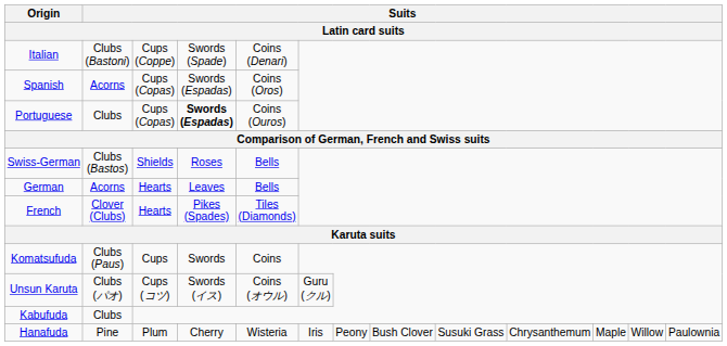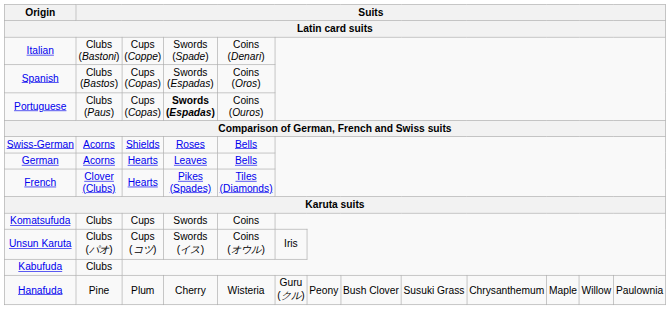 <table class="wikitable"  style="text-align:center; float:left;">
 <tr>
 <th>Origin</th>
 <th colspan="12">Suits</th>
 </tr>
 <tr>
 <th colspan="13">Latin card suits</th>
 </tr>
 <tr>
 <td scope="row"><a href='#'>Italian</a></td>
 <td>Clubs<br>(<em>Bastoni</em>)<br> </td>
 <td>Cups<br>(<em>Coppe</em>)<br> </td>
 <td>Swords<br>(<em>Spade</em>)<br> </td>
 <td>Coins<br>(<em>Denari</em>)<br> </td>
 </tr>
 <tr>
 <td scope="row"><a href='#'>Spanish</a></td>
-<td><a href='#'>Acorns</a><br> </td>
+<td>Clubs<br>(<em>Bastos</em>)<br> </td>
 <td>Cups<br>(<em>Copas</em>)<br> </td>
 <td>Swords<br>(<em>Espadas</em>)<br> </td>
 <td>Coins<br>(<em>Oros</em>)<br> </td>
 </tr>
 <tr>
 <td scope="row"><a href='#'>Portuguese</a></td>
-<td>Clubs<br></td>
+<td>Clubs<br>(<em>Paus</em>)<br> </td>
 <td>Cups<br>(<em>Copas</em>)<br> </td>
 <td><strong>Swords<br>(<em>Espadas</em>)<br> </strong></td>
 <td>Coins<br>(<em>Ouros</em>)<br> </td>
 </tr>
 <tr>
 <th colspan="13">Comparison of German, French and Swiss suits</th>
 </tr>
 <tr>
 <td scope="row"><a href='#'>Swiss-German</a></td>
-<td>Clubs<br>(<em>Bastos</em>)<br> </td>
+<td><a href='#'>Acorns</a><br> </td>
 <td><a href='#'>Shields</a><br> </td>
 <td><a href='#'>Roses</a><br> </td>
 <td><a href='#'>Bells</a><br> </td>
 </tr>
 <tr>
 <td scope="row"><a href='#'>German</a></td>
 <td><a href='#'>Acorns</a><br> </td>
 <td><a href='#'>Hearts</a><br> </td>
 <td><a href='#'>Leaves</a><br> </td>
 <td><a href='#'>Bells</a><br> </td>
 </tr>
 <tr>
 <td scope="row"><a href='#'>French</a></td>
 <td><a href='#'>Clover</a><br><a href='#'>(Clubs)</a><br></td>
 <td><a href='#'>Hearts</a><br></td>
 <td><a href='#'>Pikes</a><br><a href='#'>(Spades)</a><br></td>
 <td><a href='#'>Tiles</a><br><a href='#'>(Diamonds)</a><br></td>
 </tr>
 <tr>
 <th colspan="13">Karuta suits</th>
 </tr>
 <tr>
 <td scope="row"><a href='#'>Komatsufuda</a></td>
-<td>Clubs<br>(<em>Paus</em>)<br> </td>
+<td>Clubs<br></td>
 <td>Cups<br></td>
 <td>Swords<br></td>
 <td>Coins<br></td>
 </tr>
 <tr>
 <td scope="row"><a href='#'>Unsun Karuta</a></td>
 <td>Clubs<br>(<em>パオ</em>)<br></td>
 <td>Cups<br>(<em>コツ</em>)<br></td>
 <td>Swords<br>(<em>イス</em>)<br></td>
 <td>Coins<br>(<em>オウル</em>)<br></td>
-<td>Guru<br>(<em>クル</em>)<br></td>
+<td>Iris<br></td>
 </tr>
 <tr>
 <td scope="row"><a href='#'>Kabufuda</a></td>
 <td>Clubs<br></td>
 </tr>
 <tr>
 <td scope="row" rowspan=2><a href='#'>Hanafuda</a></td>
 <td>Pine<br></td>
 <td>Plum<br></td>
 <td>Cherry<br></td>
 <td>Wisteria<br></td>
-<td>Iris<br></td>
+<td>Guru<br>(<em>クル</em>)<br></td>
 <td>Peony<br></td>
 <td>Bush Clover<br></td>
 <td>Susuki Grass<br></td>
 <td>Chrysan­themum<br></td>
 <td>Maple<br></td>
 <td>Willow<br></td>
 <td>Paul­ownia<br></td>
 </tr>
 </table>
